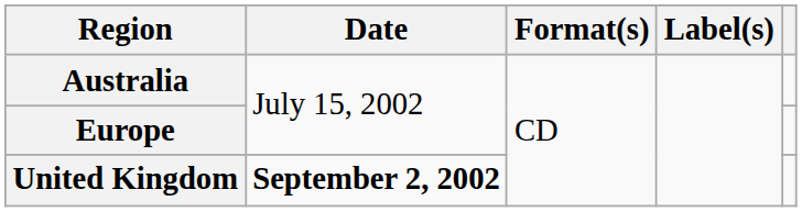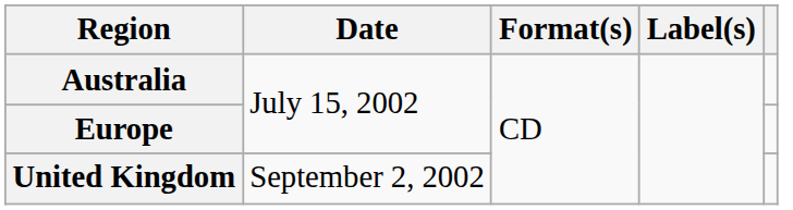 <table class="wikitable plainrowheaders">
 <tr>
 <th scope="col">Region</th>
 <th scope="col">Date</th>
 <th scope="col">Format(s)</th>
 <th scope="col">Label(s)</th>
 <th scope="col"></th>
 </tr>
 <tr>
 <th scope="row">Australia</th>
 <td rowspan="2">July 15, 2002</td>
 <td rowspan="3">CD</td>
 <td rowspan="3"></td>
 <td></td>
 </tr>
 <tr>
 <th scope="row">Europe</th>
 <td></td>
 </tr>
 <tr>
 <th scope="row">United Kingdom</th>
-<td><strong>September 2, 2002</strong></td>
+<td>September 2, 2002</td>
 <td></td>
 </tr>
 </table>
